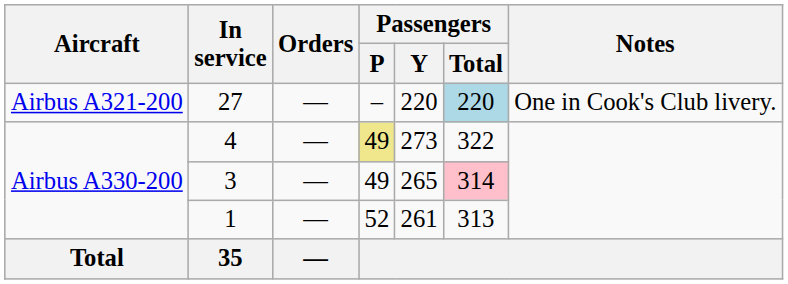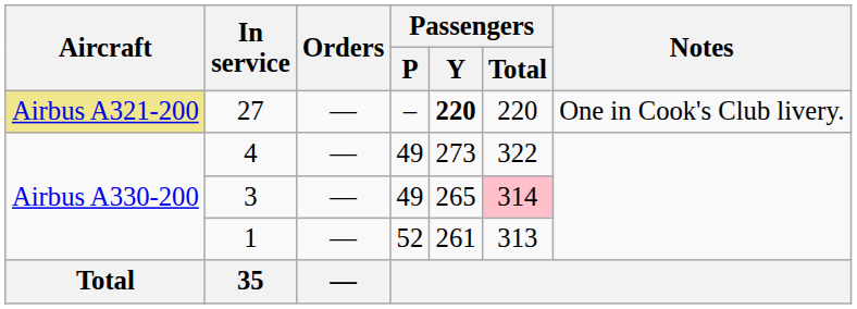 <table class="wikitable" style="margin:0.5em auto; text-align:center">
 <tr>
 <th rowspan=2>Aircraft</th>
 <th rowspan=2>In <br> service</th>
 <th rowspan=2>Orders</th>
 <th colspan=3>Passengers</th>
 <th rowspan=2>Notes</th>
 </tr>
 <tr>
 <th><abbr>P</abbr></th>
 <th><abbr>Y</abbr></th>
 <th>Total</th>
 </tr>
 <tr>
-<td><a href='#'>Airbus A321-200</a></td>
+<td style="background: khaki;"><a href='#'>Airbus A321-200</a></td>
 <td>27</td>
 <td>—</td>
 <td>–</td>
+<td><strong>220</strong></td>
 <td>220</td>
-<td style="background: lightblue;">220</td>
 <td>One in Cook's Club livery.</td>
 </tr>
 <tr>
 <td rowspan="3"><a href='#'>Airbus A330-200</a></td>
 <td>4</td>
 <td>—</td>
-<td style="background: khaki;">49</td>
+<td>49</td>
 <td>273</td>
 <td>322</td>
 <td rowspan="3"></td>
 </tr>
 <tr>
 <td>3</td>
 <td>—</td>
 <td>49</td>
 <td>265</td>
 <td style="background: pink;">314</td>
 </tr>
 <tr>
 <td>1</td>
 <td>—</td>
 <td>52</td>
 <td>261</td>
 <td>313</td>
 </tr>
 <tr>
 <th>Total</th>
 <th>35</th>
 <th>—</th>
 <th colspan=4></th>
 </tr>
 </table>
